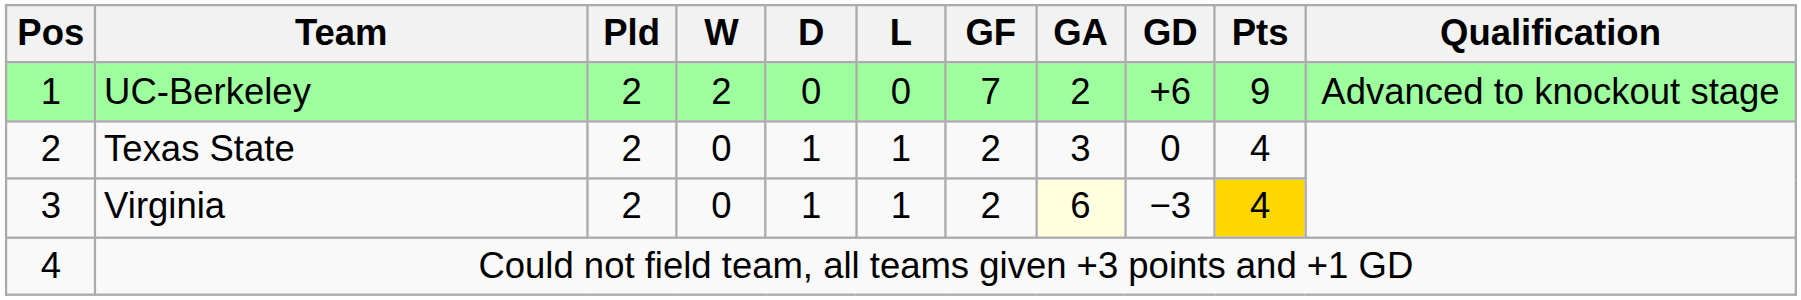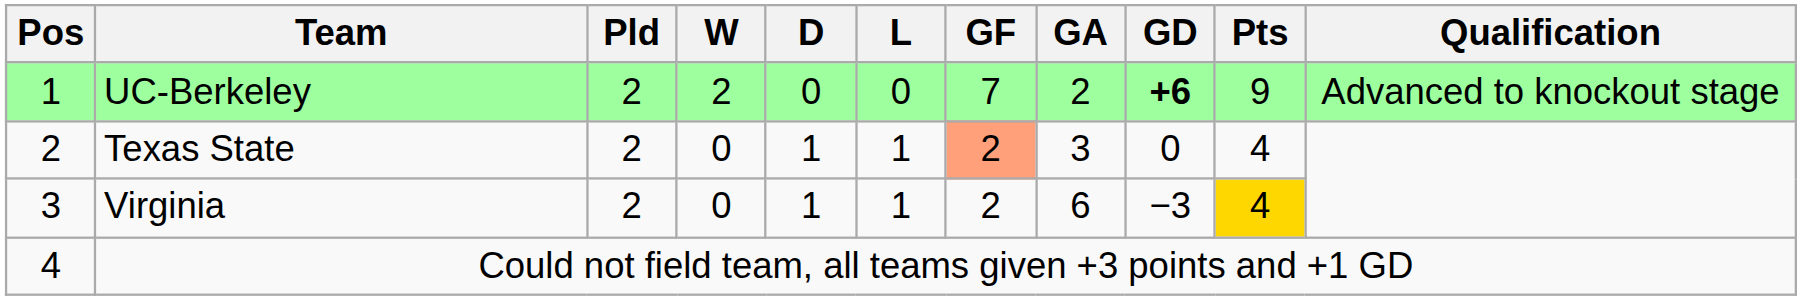 <table class="wikitable" style="text-align:center; margin: 1em auto">
 <tr>
 <th style="width:2em">Pos</th>
 <th style="width:13em">Team</th>
 <th style="width:2em">Pld</th>
 <th style="width:2em">W</th>
 <th style="width:2em">D</th>
 <th style="width:2em">L</th>
 <th style="width:2em">GF</th>
 <th style="width:2em">GA</th>
 <th style="width:2em">GD</th>
 <th style="width:2em">Pts</th>
 <th style="width:13em">Qualification</th>
 </tr>
 <tr bgcolor="#9eff9e">
 <td>1</td>
 <td style="text-align:left">UC-Berkeley</td>
 <td>2</td>
 <td>2</td>
 <td>0</td>
 <td>0</td>
 <td>7</td>
 <td>2</td>
-<td>+6</td>
+<td><strong>+6</strong></td>
 <td>9</td>
 <td>Advanced to knockout stage</td>
 </tr>
 <tr>
 <td>2</td>
 <td style="text-align:left">Texas State</td>
 <td>2</td>
 <td>0</td>
 <td>1</td>
 <td>1</td>
-<td>2</td>
+<td style="background: lightsalmon;">2</td>
 <td>3</td>
 <td>0</td>
 <td>4</td>
 <td rowspan="2"></td>
 </tr>
 <tr>
 <td>3</td>
 <td style="text-align:left">Virginia</td>
 <td>2</td>
 <td>0</td>
 <td>1</td>
 <td>1</td>
 <td>2</td>
-<td style="background: lightyellow;">6</td>
+<td>6</td>
 <td>−3</td>
 <td style="background: gold;">4</td>
 </tr>
 <tr>
 <td>4</td>
 <td colspan="10" style="text-align:center">Could not field team, all teams given +3 points and +1 GD</td>
 </tr>
 </table>
